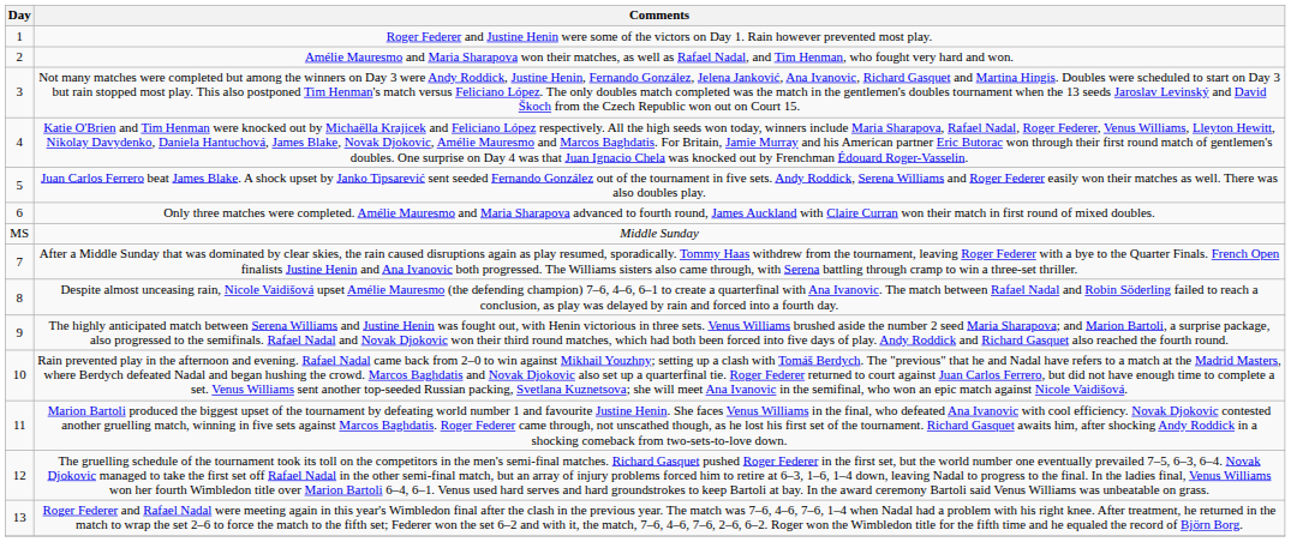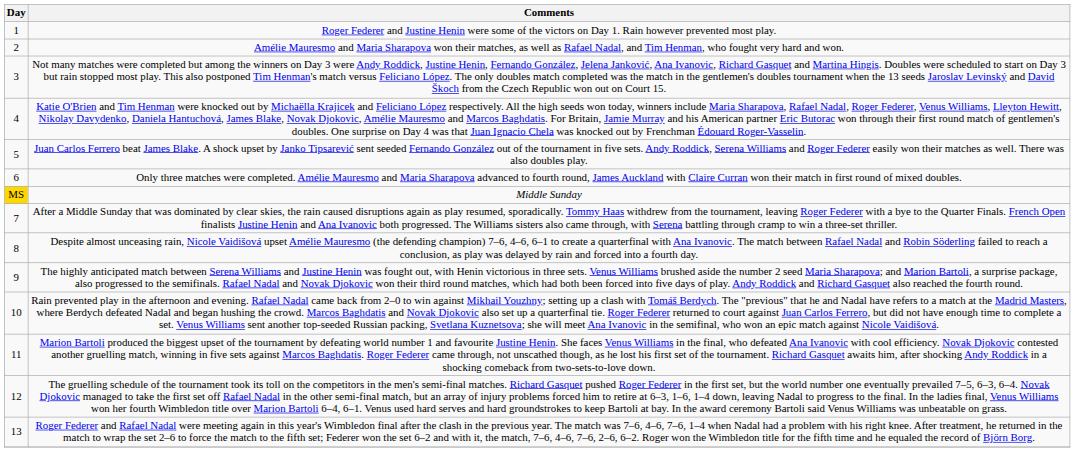 <table class="wikitable" style="text-align: center;">
 <tr>
 <th>Day</th>
 <th>Comments</th>
 </tr>
 <tr>
 <td>1</td>
 <td><a href='#'>Roger Federer</a> and <a href='#'>Justine Henin</a> were some of the victors on Day 1. Rain however prevented most play.</td>
 </tr>
 <tr>
 <td>2</td>
 <td><a href='#'>Amélie Mauresmo</a> and <a href='#'>Maria Sharapova</a> won their matches, as well as <a href='#'>Rafael Nadal</a>, and <a href='#'>Tim Henman</a>, who fought very hard and won.</td>
 </tr>
 <tr>
 <td>3</td>
 <td>Not many matches were completed but among the winners on Day 3 were <a href='#'>Andy Roddick</a>, <a href='#'>Justine Henin</a>, <a href='#'>Fernando González</a>, <a href='#'>Jelena Janković</a>, <a href='#'>Ana Ivanovic</a>, <a href='#'>Richard Gasquet</a> and <a href='#'>Martina Hingis</a>. Doubles were scheduled to start on Day 3 but rain stopped most play. This also postponed <a href='#'>Tim Henman</a>'s match versus <a href='#'>Feliciano López</a>. The only doubles match completed was the match in the gentlemen's doubles tournament when the 13 seeds <a href='#'>Jaroslav Levinský</a> and <a href='#'>David Škoch</a> from the Czech Republic won out on Court 15.</td>
 </tr>
 <tr>
 <td>4</td>
 <td><a href='#'>Katie O'Brien</a> and <a href='#'>Tim Henman</a> were knocked out by <a href='#'>Michaëlla Krajicek</a> and <a href='#'>Feliciano López</a> respectively. All the high seeds won today, winners include <a href='#'>Maria Sharapova</a>, <a href='#'>Rafael Nadal</a>, <a href='#'>Roger Federer</a>, <a href='#'>Venus Williams</a>, <a href='#'>Lleyton Hewitt</a>, <a href='#'>Nikolay Davydenko</a>, <a href='#'>Daniela Hantuchová</a>, <a href='#'>James Blake</a>, <a href='#'>Novak Djokovic</a>, <a href='#'>Amélie Mauresmo</a> and <a href='#'>Marcos Baghdatis</a>. For Britain, <a href='#'>Jamie Murray</a> and his American partner <a href='#'>Eric Butorac</a> won through their first round match of gentlemen's doubles. One surprise on Day 4 was that <a href='#'>Juan Ignacio Chela</a> was knocked out by Frenchman <a href='#'>Édouard Roger-Vasselin</a>.</td>
 </tr>
 <tr>
 <td>5</td>
 <td><a href='#'>Juan Carlos Ferrero</a> beat <a href='#'>James Blake</a>. A shock upset by <a href='#'>Janko Tipsarević</a> sent seeded <a href='#'>Fernando González</a> out of the tournament in five sets. <a href='#'>Andy Roddick</a>, <a href='#'>Serena Williams</a> and <a href='#'>Roger Federer</a> easily won their matches as well. There was also doubles play.</td>
 </tr>
 <tr>
 <td>6</td>
 <td>Only three matches were completed. <a href='#'>Amélie Mauresmo</a> and <a href='#'>Maria Sharapova</a> advanced to fourth round, <a href='#'>James Auckland</a> with <a href='#'>Claire Curran</a> won their match in first round of mixed doubles.</td>
 </tr>
 <tr>
-<td>MS</td>
+<td style="background: gold;">MS</td>
 <td colspan=4><em>Middle Sunday</em></td>
 </tr>
 <tr>
 <td>7</td>
 <td>After a Middle Sunday that was dominated by clear skies, the rain caused disruptions again as play resumed, sporadically. <a href='#'>Tommy Haas</a> withdrew from the tournament, leaving <a href='#'>Roger Federer</a> with a bye to the Quarter Finals. <a href='#'>French Open</a> finalists <a href='#'>Justine Henin</a> and <a href='#'>Ana Ivanovic</a> both progressed. The Williams sisters also came through, with <a href='#'>Serena</a> battling through cramp to win a three-set thriller.</td>
 </tr>
 <tr>
 <td>8</td>
 <td>Despite almost unceasing rain, <a href='#'>Nicole Vaidišová</a> upset <a href='#'>Amélie Mauresmo</a> (the defending champion) 7–6, 4–6, 6–1 to create a quarterfinal with <a href='#'>Ana Ivanovic</a>. The match between <a href='#'>Rafael Nadal</a> and <a href='#'>Robin Söderling</a> failed to reach a conclusion, as play was delayed by rain and forced into a fourth day.</td>
 </tr>
 <tr>
 <td>9</td>
 <td>The highly anticipated match between <a href='#'>Serena Williams</a> and <a href='#'>Justine Henin</a> was fought out, with Henin victorious in three sets. <a href='#'>Venus Williams</a> brushed aside the number 2 seed <a href='#'>Maria Sharapova</a>; and <a href='#'>Marion Bartoli</a>, a surprise package, also progressed to the semifinals. <a href='#'>Rafael Nadal</a> and <a href='#'>Novak Djokovic</a> won their third round matches, which had both been forced into five days of play. <a href='#'>Andy Roddick</a> and <a href='#'>Richard Gasquet</a> also reached the fourth round.</td>
 </tr>
 <tr>
 <td>10</td>
 <td>Rain prevented play in the afternoon and evening. <a href='#'>Rafael Nadal</a> came back from 2–0 to win against <a href='#'>Mikhail Youzhny</a>; setting up a clash with <a href='#'>Tomáš Berdych</a>. The "previous" that he and Nadal have refers to a match at the <a href='#'>Madrid Masters</a>, where Berdych defeated Nadal and began hushing the crowd. <a href='#'>Marcos Baghdatis</a> and <a href='#'>Novak Djokovic</a> also set up a quarterfinal tie. <a href='#'>Roger Federer</a> returned to court against <a href='#'>Juan Carlos Ferrero</a>, but did not have enough time to complete a set. <a href='#'>Venus Williams</a> sent another top-seeded Russian packing, <a href='#'>Svetlana Kuznetsova</a>; she will meet <a href='#'>Ana Ivanovic</a> in the semifinal, who won an epic match against <a href='#'>Nicole Vaidišová</a>.</td>
 </tr>
 <tr>
 <td>11</td>
 <td><a href='#'>Marion Bartoli</a> produced the biggest upset of the tournament by defeating world number 1 and favourite <a href='#'>Justine Henin</a>. She faces <a href='#'>Venus Williams</a> in the final, who defeated <a href='#'>Ana Ivanovic</a> with cool efficiency. <a href='#'>Novak Djokovic</a> contested another gruelling match, winning in five sets against <a href='#'>Marcos Baghdatis</a>. <a href='#'>Roger Federer</a> came through, not unscathed though, as he lost his first set of the tournament. <a href='#'>Richard Gasquet</a> awaits him, after shocking <a href='#'>Andy Roddick</a> in a shocking comeback from two-sets-to-love down.</td>
 </tr>
 <tr>
 <td>12</td>
 <td>The gruelling schedule of the tournament took its toll on the competitors in the men's semi-final matches. <a href='#'>Richard Gasquet</a> pushed <a href='#'>Roger Federer</a> in the first set, but the world number one eventually prevailed 7–5, 6–3, 6–4. <a href='#'>Novak Djokovic</a> managed to take the first set off <a href='#'>Rafael Nadal</a> in the other semi-final match, but an array of injury problems forced him to retire at 6–3, 1–6, 1–4 down, leaving Nadal to progress to the final. In the ladies final, <a href='#'>Venus Williams</a> won her fourth Wimbledon title over <a href='#'>Marion Bartoli</a> 6–4, 6–1. Venus used hard serves and hard groundstrokes to keep Bartoli at bay. In the award ceremony Bartoli said Venus Williams was unbeatable on grass.</td>
 </tr>
 <tr>
 <td>13</td>
 <td><a href='#'>Roger Federer</a> and <a href='#'>Rafael Nadal</a> were meeting again in this year's Wimbledon final after the clash in the previous year. The match was 7–6, 4–6, 7–6, 1–4 when Nadal had a problem with his right knee. After treatment, he returned in the match to wrap the set 2–6 to force the match to the fifth set; Federer won the set 6–2 and with it, the match, 7–6, 4–6, 7–6, 2–6, 6–2. Roger won the Wimbledon title for the fifth time and he equaled the record of <a href='#'>Björn Borg</a>.</td>
 </tr>
 <tr>
 </tr>
 </table>
